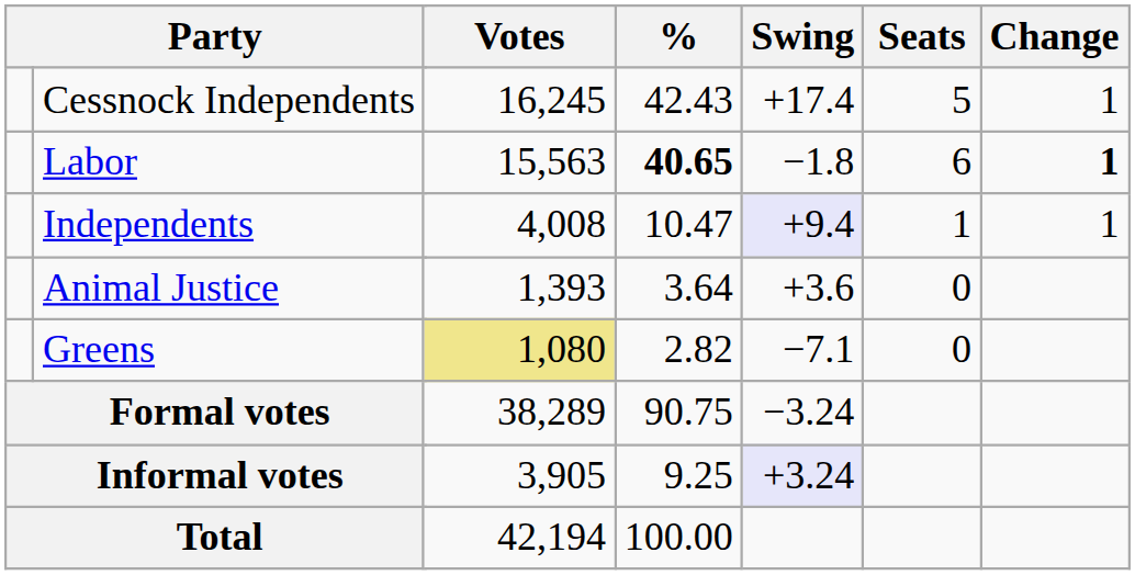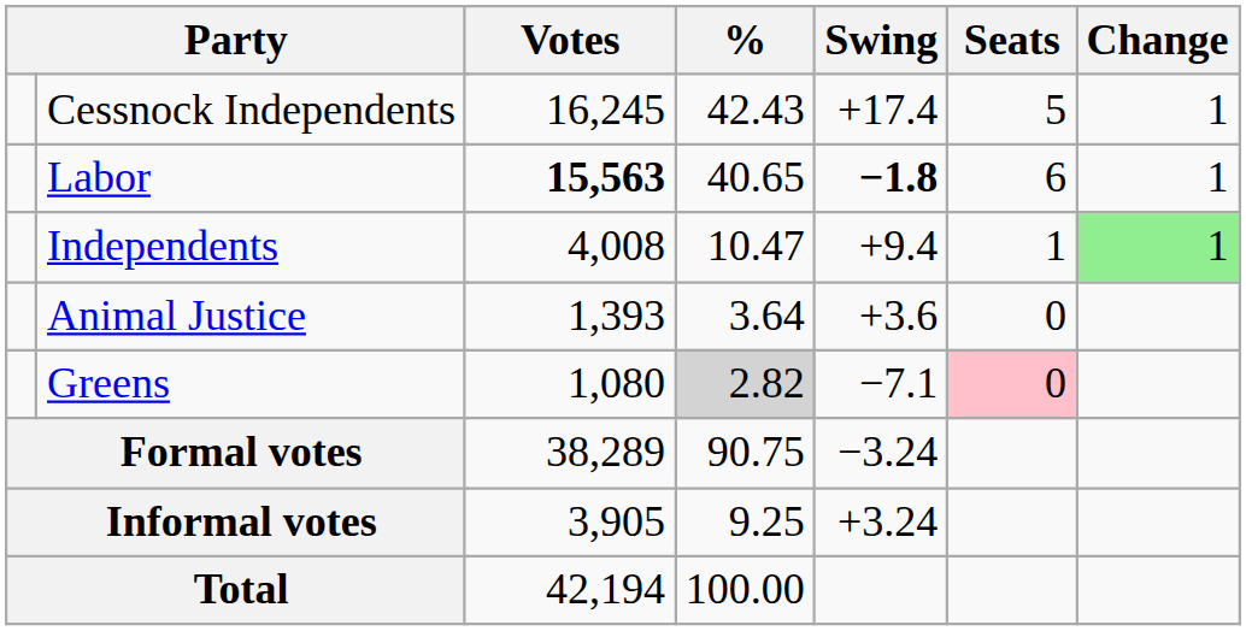 <table class="wikitable" style="text-align:right; margin-bottom:0">
 <tr>
 <th style="width:10px" colspan=3>Party</th>
 <th style="width:70px;">Votes</th>
 <th style="width:40px;">%</th>
 <th style="width:40px;">Swing</th>
 <th style="width:40px;">Seats</th>
 <th style="width:40px;">Change</th>
 </tr>
 <tr>
 <td> </td>
 <td style="text-align:left;" colspan="2">Cessnock Independents</td>
 <td>16,245</td>
 <td>42.43</td>
 <td>+17.4</td>
 <td>5</td>
 <td> 1</td>
 </tr>
 <tr>
 <td> </td>
 <td style="text-align:left;" colspan="2"><a href='#'>Labor</a></td>
-<td>15,563</td>
-<td><strong>40.65</strong></td>
-<td>−1.8</td>
+<td><strong>15,563</strong></td>
+<td>40.65</td>
+<td><strong>−1.8</strong></td>
 <td>6</td>
-<td><strong> 1</strong></td>
+<td> 1</td>
 </tr>
 <tr>
 <td> </td>
 <td style="text-align:left;" colspan="2"><a href='#'>Independents</a></td>
 <td>4,008</td>
 <td>10.47</td>
-<td style="background: lavender;">+9.4</td>
+<td>+9.4</td>
 <td>1</td>
-<td> 1</td>
+<td style="background: lightgreen;"> 1</td>
 </tr>
 <tr>
 <td> </td>
 <td style="text-align:left;" colspan="2"><a href='#'>Animal Justice</a></td>
 <td>1,393</td>
 <td>3.64</td>
 <td>+3.6</td>
 <td>0</td>
 <td></td>
 </tr>
 <tr>
 <td> </td>
 <td style="text-align:left;" colspan="2"><a href='#'>Greens</a></td>
-<td style="background: khaki;">1,080</td>
-<td>2.82</td>
+<td>1,080</td>
+<td style="background: lightgrey;">2.82</td>
 <td>−7.1</td>
-<td>0</td>
+<td style="background: pink;">0</td>
 <td></td>
 </tr>
 <tr>
 <th colspan="3" rowspan="1"> Formal votes</th>
 <td>38,289</td>
 <td>90.75</td>
 <td>−3.24</td>
 <td></td>
 <td></td>
 </tr>
 <tr>
 <th colspan="3" rowspan="1"> Informal votes</th>
 <td>3,905</td>
 <td>9.25</td>
-<td style="background: lavender;">+3.24</td>
+<td>+3.24</td>
 <td></td>
 <td></td>
 </tr>
 <tr>
 <th colspan="3" rowspan="1"> <strong>Total </strong></th>
 <td>42,194</td>
 <td>100.00</td>
 <td></td>
 <td></td>
 <td></td>
 </tr>
 </table>
